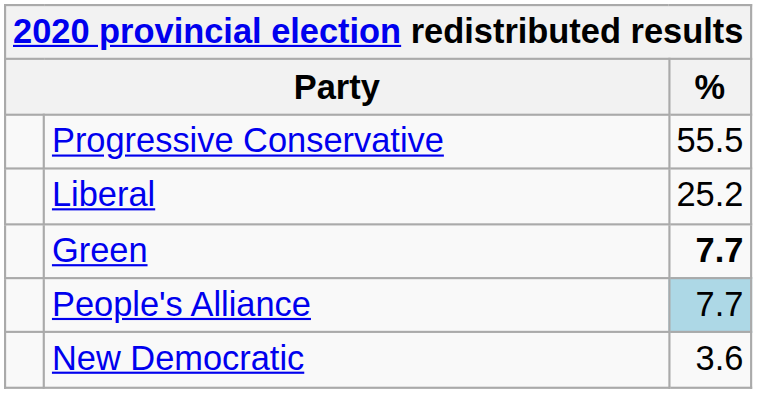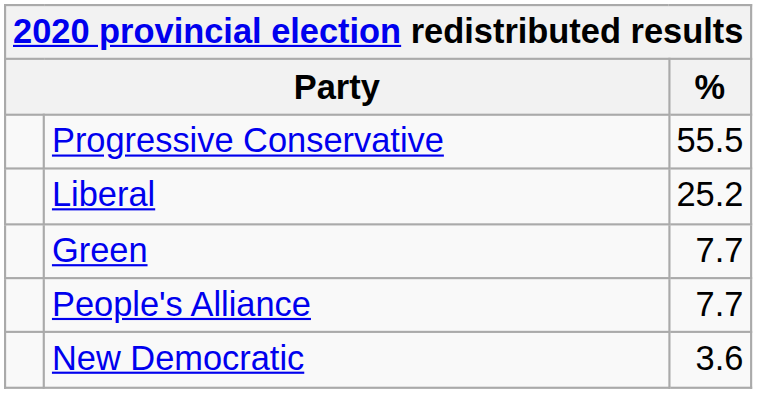 <table class="wikitable">
 <tr>
 <th colspan="4"><a href='#'>2020 provincial election</a> redistributed results</th>
 </tr>
 <tr>
 <th bgcolor="#DDDDFF" width="130px" colspan="2">Party</th>
 <th bgcolor="#DDDDFF" width="30px">%</th>
 </tr>
 <tr>
 <td> </td>
 <td><a href='#'>Progressive Conservative</a></td>
 <td align=right>55.5</td>
 </tr>
 <tr>
 <td> </td>
 <td><a href='#'>Liberal</a></td>
 <td align=right>25.2</td>
 </tr>
 <tr>
 <td> </td>
 <td><a href='#'>Green</a></td>
-<td align=right><strong>7.7</strong></td>
+<td align=right>7.7</td>
 </tr>
 <tr>
 <td> </td>
 <td><a href='#'>People's Alliance</a></td>
-<td align=right style="background: lightblue;">7.7</td>
+<td align=right>7.7</td>
 </tr>
 <tr>
 <td> </td>
 <td><a href='#'>New Democratic</a></td>
 <td align=right>3.6</td>
 </tr>
 </table>
